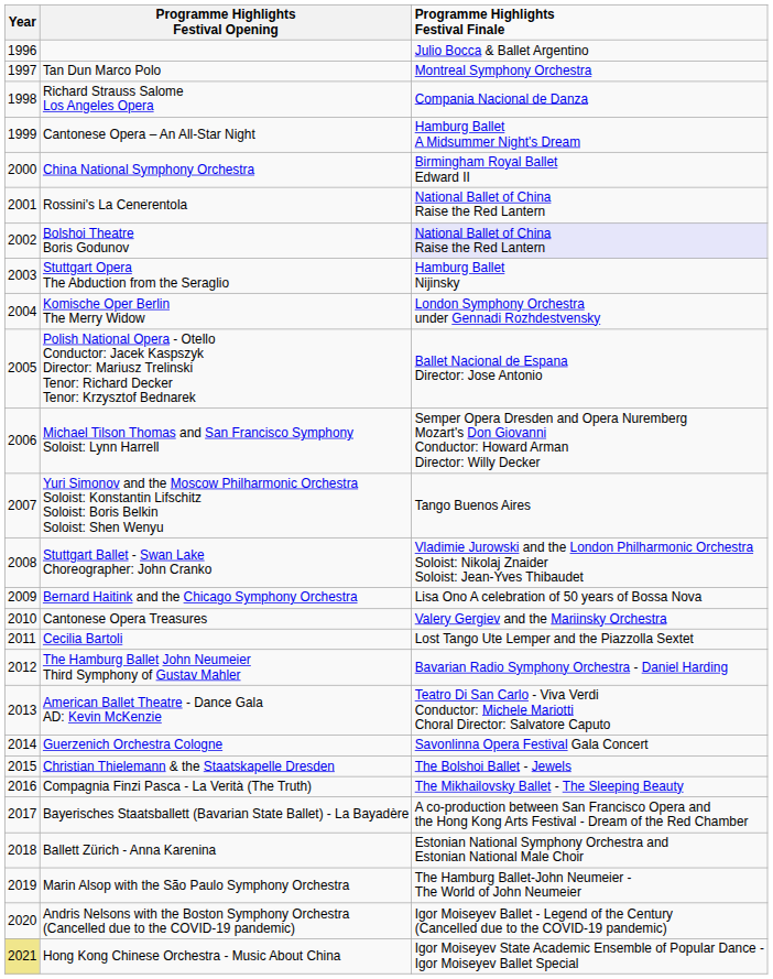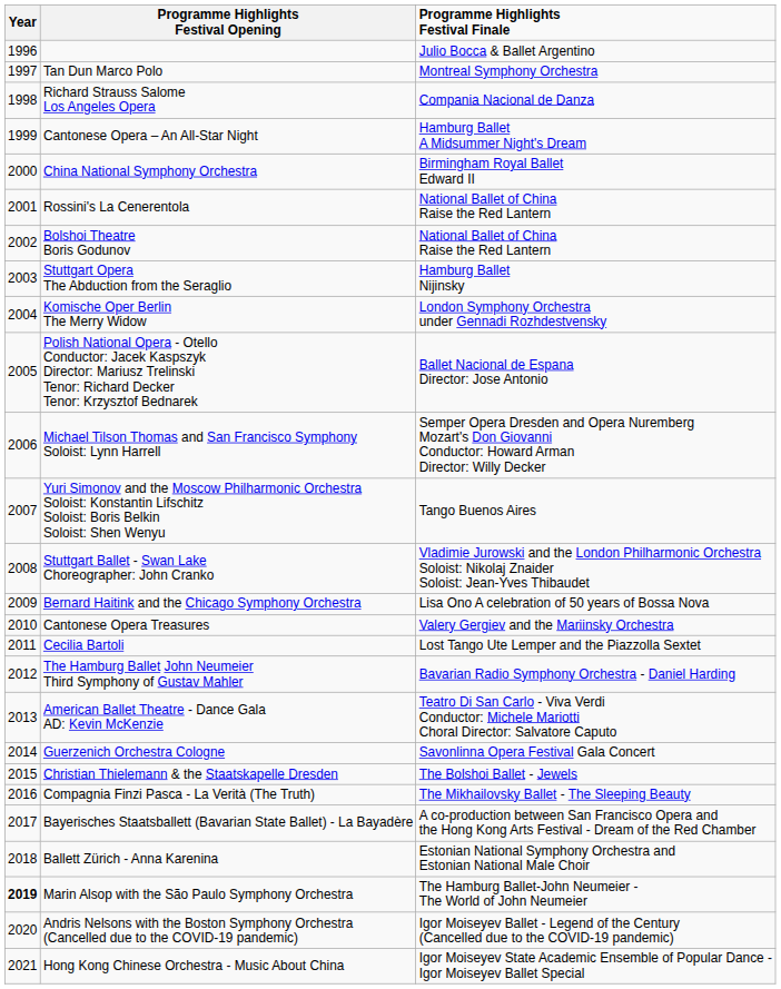 <table class="wikitable">
 <tr>
 <th>Year</th>
 <th>Programme Highlights<br><strong>Festival Opening</strong></th>
 <td><strong>Programme Highlights</strong><br><strong>Festival Finale</strong></td>
 </tr>
 <tr>
 <td>1996</td>
 <td></td>
 <td><a href='#'>Julio Bocca</a> & Ballet Argentino</td>
 </tr>
 <tr>
 <td>1997</td>
 <td>Tan Dun Marco Polo</td>
 <td><a href='#'>Montreal Symphony Orchestra</a></td>
 </tr>
 <tr>
 <td>1998</td>
 <td>Richard Strauss Salome<br><a href='#'>Los Angeles Opera</a></td>
 <td><a href='#'>Compania Nacional de Danza</a></td>
 </tr>
 <tr>
 <td>1999</td>
 <td>Cantonese Opera – An All-Star Night</td>
 <td><a href='#'>Hamburg Ballet</a><br><a href='#'>A Midsummer Night's Dream</a></td>
 </tr>
 <tr>
 <td>2000</td>
 <td><a href='#'>China National Symphony Orchestra</a></td>
 <td><a href='#'>Birmingham Royal Ballet</a><br>Edward II</td>
 </tr>
 <tr>
 <td>2001</td>
 <td>Rossini's La Cenerentola</td>
 <td><a href='#'>National Ballet of China</a><br>Raise the Red Lantern</td>
 </tr>
 <tr>
 <td>2002</td>
 <td><a href='#'>Bolshoi Theatre</a><br>Boris Godunov</td>
-<td style="background: lavender;"><a href='#'>National Ballet of China</a><br>Raise the Red Lantern</td>
+<td><a href='#'>National Ballet of China</a><br>Raise the Red Lantern</td>
 </tr>
 <tr>
 <td>2003</td>
 <td><a href='#'>Stuttgart Opera</a><br>The Abduction from the Seraglio</td>
 <td><a href='#'>Hamburg Ballet</a><br>Nijinsky</td>
 </tr>
 <tr>
 <td>2004</td>
 <td><a href='#'>Komische Oper Berlin</a><br>The Merry Widow</td>
 <td><a href='#'>London Symphony Orchestra</a><br>under <a href='#'>Gennadi Rozhdestvensky</a></td>
 </tr>
 <tr>
 <td>2005</td>
 <td><a href='#'>Polish National Opera</a> - Otello<br>Conductor: Jacek Kaspszyk<br>Director: Mariusz Trelinski<br>Tenor: Richard Decker<br>Tenor: Krzysztof Bednarek</td>
 <td><a href='#'>Ballet Nacional de Espana</a><br>Director: Jose Antonio</td>
 </tr>
 <tr>
 <td>2006</td>
 <td><a href='#'>Michael Tilson Thomas</a> and <a href='#'>San Francisco Symphony</a><br>Soloist: Lynn Harrell</td>
 <td>Semper Opera Dresden and Opera Nuremberg<br>Mozart's <a href='#'>Don Giovanni</a><br>Conductor: Howard Arman<br>Director: Willy Decker</td>
 </tr>
 <tr>
 <td>2007</td>
 <td><a href='#'>Yuri Simonov</a> and the <a href='#'>Moscow Philharmonic Orchestra</a><br>Soloist: Konstantin Lifschitz<br>Soloist: Boris Belkin<br>Soloist: Shen Wenyu</td>
 <td>Tango Buenos Aires</td>
 </tr>
 <tr>
 <td>2008</td>
 <td><a href='#'>Stuttgart Ballet</a> - <a href='#'>Swan Lake</a><br>Choreographer: John Cranko</td>
 <td><a href='#'>Vladimie Jurowski</a> and the <a href='#'>London Philharmonic Orchestra</a><br>Soloist: Nikolaj Znaider<br>Soloist: Jean-Yves Thibaudet</td>
 </tr>
 <tr>
 <td>2009</td>
 <td><a href='#'>Bernard Haitink</a> and the <a href='#'>Chicago Symphony Orchestra</a></td>
 <td>Lisa Ono A celebration of 50 years of Bossa Nova</td>
 </tr>
 <tr>
 <td>2010</td>
 <td>Cantonese Opera Treasures</td>
 <td><a href='#'>Valery Gergiev</a> and the <a href='#'>Mariinsky Orchestra</a></td>
 </tr>
 <tr>
 <td>2011</td>
 <td><a href='#'>Cecilia Bartoli</a></td>
 <td>Lost Tango Ute Lemper and the Piazzolla Sextet</td>
 </tr>
 <tr>
 <td>2012</td>
 <td><a href='#'>The Hamburg Ballet</a> <a href='#'>John Neumeier</a><br>Third Symphony of <a href='#'>Gustav Mahler</a></td>
 <td><a href='#'>Bavarian Radio Symphony Orchestra</a> - <a href='#'>Daniel Harding</a></td>
 </tr>
 <tr>
 <td>2013</td>
 <td><a href='#'>American Ballet Theatre</a> - Dance Gala<br>AD: <a href='#'>Kevin McKenzie</a></td>
 <td><a href='#'>Teatro Di San Carlo</a> - Viva Verdi<br>Conductor: <a href='#'>Michele Mariotti</a><br>Choral Director: Salvatore Caputo</td>
 </tr>
 <tr>
 <td>2014</td>
 <td><a href='#'>Guerzenich Orchestra Cologne</a></td>
 <td><a href='#'>Savonlinna Opera Festival</a> Gala Concert</td>
 </tr>
 <tr>
 <td>2015</td>
 <td><a href='#'>Christian Thielemann</a> & the <a href='#'>Staatskapelle Dresden</a></td>
 <td><a href='#'>The Bolshoi Ballet</a> - <a href='#'>Jewels</a></td>
 </tr>
 <tr>
 <td>2016</td>
 <td>Compagnia Finzi Pasca - La Verità (The Truth)</td>
 <td><a href='#'>The Mikhailovsky Ballet</a> - <a href='#'>The Sleeping Beauty</a></td>
 </tr>
 <tr>
 <td>2017</td>
 <td>Bayerisches Staatsballett (Bavarian State Ballet) - La Bayadère</td>
 <td>A co-production between San Francisco Opera and<br>the Hong Kong Arts Festival - Dream of the Red Chamber</td>
 </tr>
 <tr>
 <td>2018</td>
 <td>Ballett Zürich - Anna Karenina</td>
 <td>Estonian National Symphony Orchestra and<br>Estonian National Male Choir</td>
 </tr>
 <tr>
-<td>2019</td>
+<td><strong>2019</strong></td>
 <td>Marin Alsop with the São Paulo Symphony Orchestra</td>
 <td>The Hamburg Ballet-John Neumeier -<br>The World of John Neumeier</td>
 </tr>
 <tr>
 <td>2020</td>
 <td>Andris Nelsons with the Boston Symphony Orchestra<br>(Cancelled due to the COVID-19 pandemic)</td>
 <td>Igor Moiseyev Ballet - Legend of the Century<br>(Cancelled due to the COVID-19 pandemic)</td>
 </tr>
 <tr>
-<td style="background: khaki;">2021</td>
+<td>2021</td>
 <td>Hong Kong Chinese Orchestra - Music About China</td>
 <td>Igor Moiseyev State Academic Ensemble of Popular Dance -<br>Igor Moiseyev Ballet Special</td>
 </tr>
 </table>
